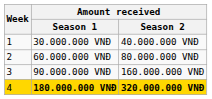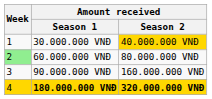 <table class="wikitable">
 <tr>
 <th rowspan="2">Week</th>
 <th colspan="2">Amount received</th>
 </tr>
 <tr>
 <th>Season 1</th>
 <th>Season 2</th>
 </tr>
 <tr>
 <td>1</td>
 <td>30.000.000 VNĐ</td>
-<td>40.000.000 VNĐ</td>
+<td style="background: gold;">40.000.000 VNĐ</td>
 </tr>
 <tr>
-<td>2</td>
+<td style="background: lightgreen;">2</td>
 <td>60.000.000 VNĐ</td>
 <td>80.000.000 VNĐ</td>
 </tr>
 <tr>
 <td>3</td>
 <td>90.000.000 VNĐ</td>
 <td>160.000.000 VNĐ</td>
 </tr>
 <tr bgcolor="gold">
 <td>4</td>
 <td><strong>180.000.000 VNĐ</strong></td>
 <td><strong>320.000.000 VNĐ</strong></td>
 </tr>
 </table>
